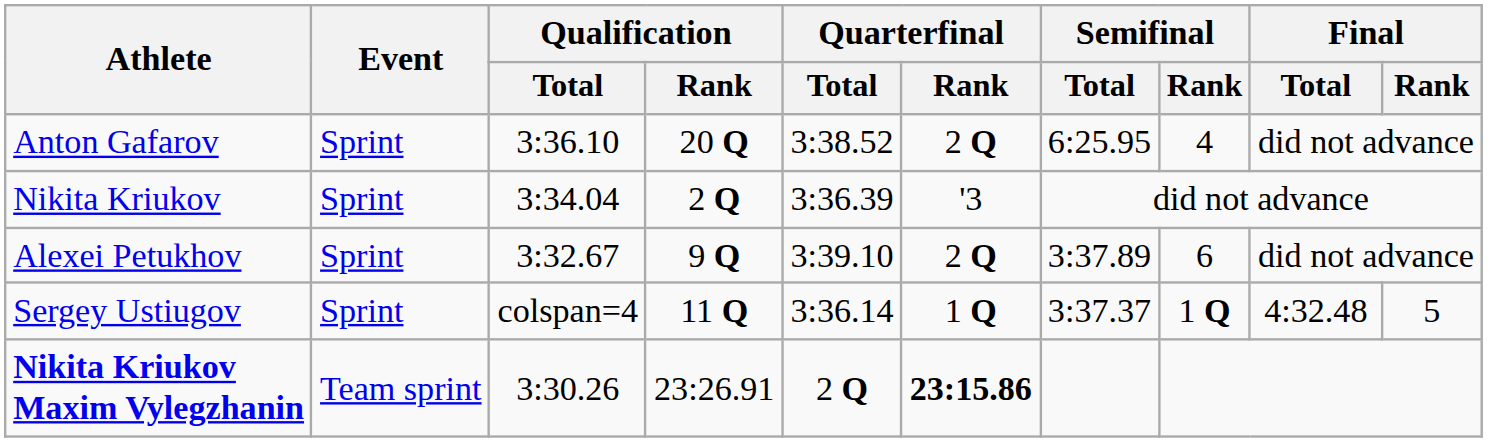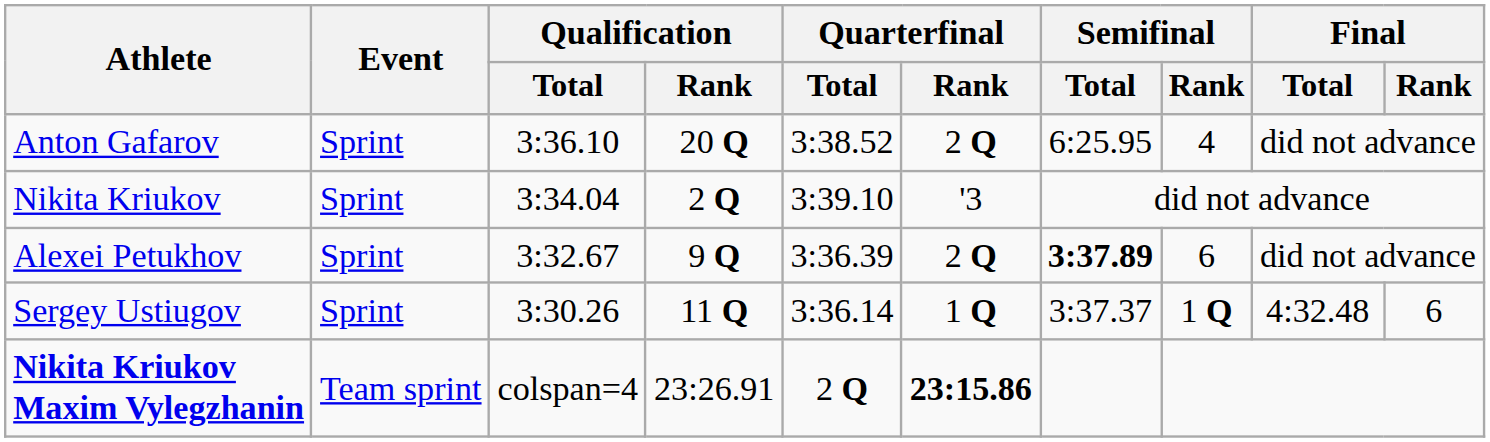 <table class="wikitable"  style="font-size:90%">
 <tr>
 <th rowspan="2">Athlete</th>
 <th rowspan="2">Event</th>
 <th colspan="2">Qualification</th>
 <th colspan="2">Quarterfinal</th>
 <th colspan="2">Semifinal</th>
 <th colspan="2">Final</th>
 </tr>
 <tr style="font-size: 95%">
 <th>Total</th>
 <th>Rank</th>
 <th>Total</th>
 <th>Rank</th>
 <th>Total</th>
 <th>Rank</th>
 <th>Total</th>
 <th>Rank</th>
 </tr>
 <tr align=center>
 <td align=left><a href='#'>Anton Gafarov</a></td>
 <td align=left><a href='#'>Sprint</a></td>
 <td>3:36.10</td>
 <td>20 <strong>Q</strong></td>
 <td>3:38.52</td>
 <td>2 <strong>Q</strong></td>
 <td>6:25.95</td>
 <td>4</td>
 <td colspan=2>did not advance</td>
 </tr>
 <tr align=center>
 <td align=left><a href='#'>Nikita Kriukov</a></td>
 <td align=left><a href='#'>Sprint</a></td>
 <td>3:34.04</td>
 <td>2 <strong>Q</strong></td>
-<td>3:36.39</td>
+<td>3:39.10</td>
 <td>'3</td>
 <td colspan=4>did not advance</td>
 </tr>
 <tr align=center>
 <td align=left><a href='#'>Alexei Petukhov</a></td>
 <td align=left><a href='#'>Sprint</a></td>
 <td>3:32.67</td>
 <td>9 <strong>Q</strong></td>
-<td>3:39.10</td>
+<td>3:36.39</td>
 <td>2 <strong>Q</strong></td>
-<td>3:37.89</td>
+<td><strong>3:37.89</strong></td>
 <td>6</td>
 <td colspan=2>did not advance</td>
 </tr>
 <tr align=center>
 <td align=left><a href='#'>Sergey Ustiugov</a></td>
 <td align=left><a href='#'>Sprint</a></td>
-<td>colspan=4 </td>
+<td>3:30.26</td>
 <td>11 <strong>Q</strong></td>
 <td>3:36.14</td>
 <td>1 <strong>Q</strong></td>
 <td>3:37.37</td>
 <td>1 <strong>Q</strong></td>
 <td>4:32.48</td>
-<td>5</td>
+<td>6</td>
 </tr>
 <tr align=center>
 <td align=left><strong><a href='#'>Nikita Kriukov</a><br><a href='#'>Maxim Vylegzhanin</a></strong></td>
 <td align=left><a href='#'>Team sprint</a></td>
-<td>3:30.26</td>
+<td>colspan=4 </td>
 <td>23:26.91</td>
 <td>2 <strong>Q</strong></td>
 <td><strong>23:15.86</strong></td>
 <td></td>
 </tr>
 </table>
